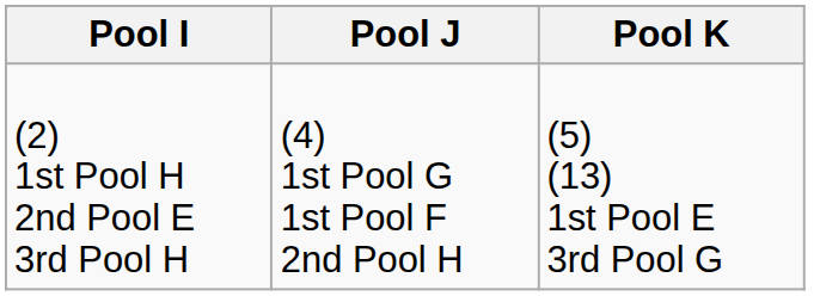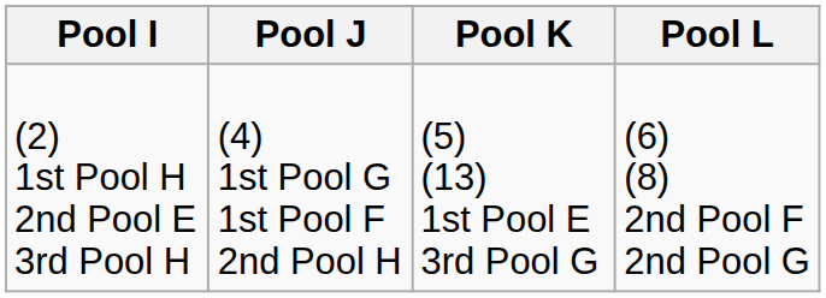 <table class="wikitable">
 <tr>
 <th width=25%>Pool I</th>
 <th width=25%>Pool J</th>
 <th width=25%>Pool K</th>
+<th width=25%>Pool L</th>
 </tr>
 <tr>
 <td valign=top><br> (2)<br> 1st Pool H<br> 2nd Pool E<br> 3rd Pool H</td>
 <td valign=top><br> (4)<br> 1st Pool G<br> 1st Pool F<br> 2nd Pool H</td>
 <td><br> (5)<br>  (13)<br> 1st Pool E<br> 3rd Pool G</td>
+<td><br> (6)<br>  (8)<br> 2nd Pool F<br> 2nd Pool G</td>
 </tr>
 </table>
